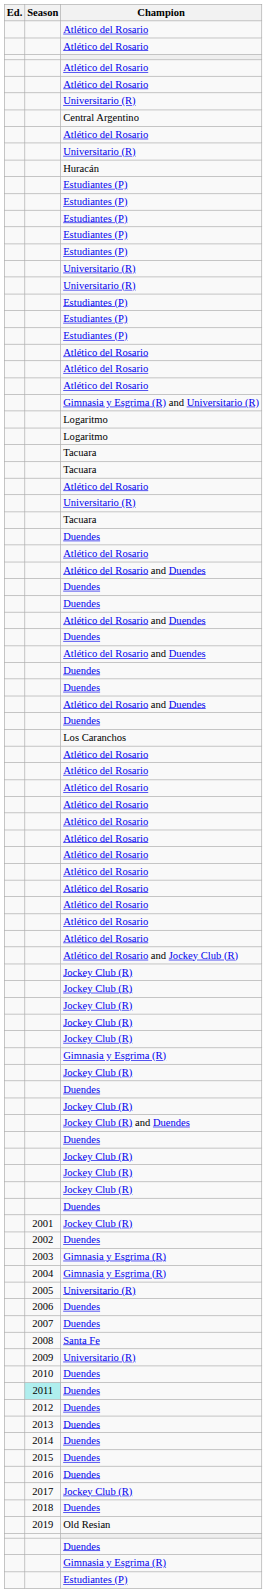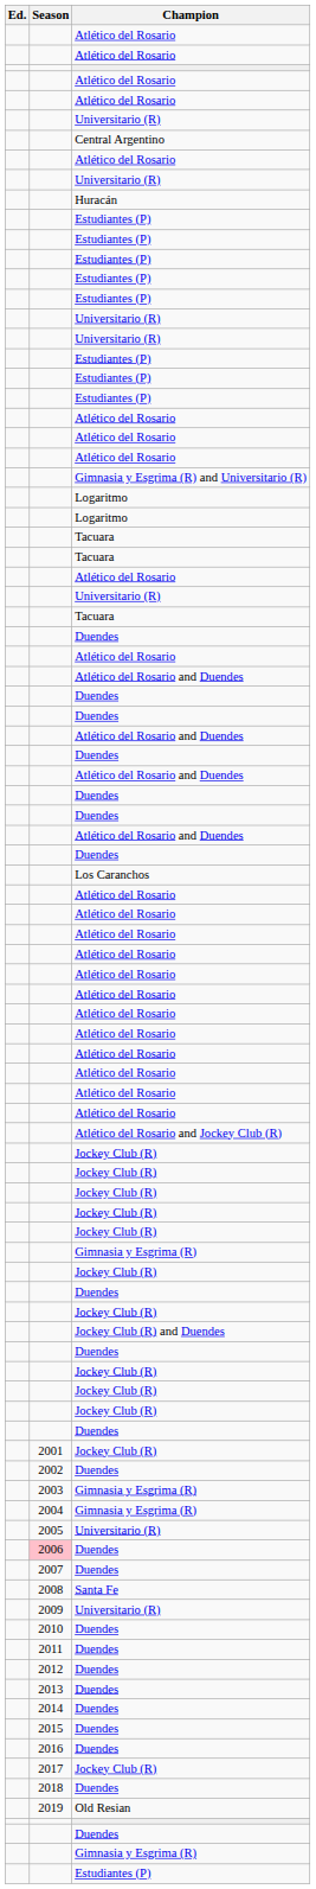 <table class="wikitable sortable" style="align= ">
 <tr>
 <th>Ed.</th>
 <th>Season</th>
 <th>Champion</th>
 </tr>
 <tr>
 <td></td>
 <td></td>
 <td><a href='#'>Atlético del Rosario</a> </td>
 </tr>
 <tr>
 <td></td>
 <td></td>
 <td><a href='#'>Atlético del Rosario</a> </td>
 </tr>
 <tr>
 <td></td>
 <td></td>
 <td style=background:#efefef></td>
 </tr>
 <tr>
 <td></td>
 <td></td>
 <td><a href='#'>Atlético del Rosario</a> </td>
 </tr>
 <tr>
 <td></td>
 <td></td>
 <td><a href='#'>Atlético del Rosario</a> </td>
 </tr>
 <tr>
 <td></td>
 <td></td>
 <td><a href='#'>Universitario (R)</a> </td>
 </tr>
 <tr>
 <td></td>
 <td></td>
 <td>Central Argentino </td>
 </tr>
 <tr>
 <td></td>
 <td></td>
 <td><a href='#'>Atlético del Rosario</a> </td>
 </tr>
 <tr>
 <td></td>
 <td></td>
 <td><a href='#'>Universitario (R)</a> </td>
 </tr>
 <tr>
 <td></td>
 <td></td>
 <td>Huracán </td>
 </tr>
 <tr>
 <td></td>
 <td></td>
 <td><a href='#'>Estudiantes (P)</a> </td>
 </tr>
 <tr>
 <td></td>
 <td></td>
 <td><a href='#'>Estudiantes (P)</a> </td>
 </tr>
 <tr>
 <td></td>
 <td></td>
 <td><a href='#'>Estudiantes (P)</a> </td>
 </tr>
 <tr>
 <td></td>
 <td></td>
 <td><a href='#'>Estudiantes (P)</a> </td>
 </tr>
 <tr>
 <td></td>
 <td></td>
 <td><a href='#'>Estudiantes (P)</a> </td>
 </tr>
 <tr>
 <td></td>
 <td></td>
 <td><a href='#'>Universitario (R)</a> </td>
 </tr>
 <tr>
 <td></td>
 <td></td>
 <td><a href='#'>Universitario (R)</a> </td>
 </tr>
 <tr>
 <td></td>
 <td></td>
 <td><a href='#'>Estudiantes (P)</a> </td>
 </tr>
 <tr>
 <td></td>
 <td></td>
 <td><a href='#'>Estudiantes (P)</a> </td>
 </tr>
 <tr>
 <td></td>
 <td></td>
 <td><a href='#'>Estudiantes (P)</a> </td>
 </tr>
 <tr>
 <td></td>
 <td></td>
 <td><a href='#'>Atlético del Rosario</a> </td>
 </tr>
 <tr>
 <td></td>
 <td></td>
 <td><a href='#'>Atlético del Rosario</a> </td>
 </tr>
 <tr>
 <td></td>
 <td></td>
 <td><a href='#'>Atlético del Rosario</a> </td>
 </tr>
 <tr>
 <td></td>
 <td></td>
 <td><a href='#'>Gimnasia y Esgrima (R)</a>  and <a href='#'>Universitario (R)</a> </td>
 </tr>
 <tr>
 <td></td>
 <td></td>
 <td>Logaritmo </td>
 </tr>
 <tr>
 <td></td>
 <td></td>
 <td>Logaritmo </td>
 </tr>
 <tr>
 <td></td>
 <td></td>
 <td>Tacuara </td>
 </tr>
 <tr>
 <td></td>
 <td></td>
 <td>Tacuara </td>
 </tr>
 <tr>
 <td></td>
 <td></td>
 <td><a href='#'>Atlético del Rosario</a> </td>
 </tr>
 <tr>
 <td></td>
 <td></td>
 <td><a href='#'>Universitario (R)</a> </td>
 </tr>
 <tr>
 <td></td>
 <td></td>
 <td>Tacuara </td>
 </tr>
 <tr>
 <td></td>
 <td></td>
 <td><a href='#'>Duendes</a> </td>
 </tr>
 <tr>
 <td></td>
 <td></td>
 <td><a href='#'>Atlético del Rosario</a> </td>
 </tr>
 <tr>
 <td></td>
 <td></td>
 <td><a href='#'>Atlético del Rosario</a>  and <a href='#'>Duendes</a> </td>
 </tr>
 <tr>
 <td></td>
 <td></td>
 <td><a href='#'>Duendes</a> </td>
 </tr>
 <tr>
 <td></td>
 <td></td>
 <td><a href='#'>Duendes</a> </td>
 </tr>
 <tr>
 <td></td>
 <td></td>
 <td><a href='#'>Atlético del Rosario</a>  and <a href='#'>Duendes</a> </td>
 </tr>
 <tr>
 <td></td>
 <td></td>
 <td><a href='#'>Duendes</a> </td>
 </tr>
 <tr>
 <td></td>
 <td></td>
 <td><a href='#'>Atlético del Rosario</a>  and <a href='#'>Duendes</a> </td>
 </tr>
 <tr>
 <td></td>
 <td></td>
 <td><a href='#'>Duendes</a> </td>
 </tr>
 <tr>
 <td></td>
 <td></td>
 <td><a href='#'>Duendes</a> </td>
 </tr>
 <tr>
 <td></td>
 <td></td>
 <td><a href='#'>Atlético del Rosario</a>  and <a href='#'>Duendes</a> </td>
 </tr>
 <tr>
 <td></td>
 <td></td>
 <td><a href='#'>Duendes</a> </td>
 </tr>
 <tr>
 <td></td>
 <td></td>
 <td>Los Caranchos </td>
 </tr>
 <tr>
 <td></td>
 <td></td>
 <td><a href='#'>Atlético del Rosario</a> </td>
 </tr>
 <tr>
 <td></td>
 <td></td>
 <td><a href='#'>Atlético del Rosario</a> </td>
 </tr>
 <tr>
 <td></td>
 <td></td>
 <td><a href='#'>Atlético del Rosario</a> </td>
 </tr>
 <tr>
 <td></td>
 <td></td>
 <td><a href='#'>Atlético del Rosario</a> </td>
 </tr>
 <tr>
 <td></td>
 <td></td>
 <td><a href='#'>Atlético del Rosario</a> </td>
 </tr>
 <tr>
 <td></td>
 <td></td>
 <td><a href='#'>Atlético del Rosario</a> </td>
 </tr>
 <tr>
 <td></td>
 <td></td>
 <td><a href='#'>Atlético del Rosario</a> </td>
 </tr>
 <tr>
 <td></td>
 <td></td>
 <td><a href='#'>Atlético del Rosario</a> </td>
 </tr>
 <tr>
 <td></td>
 <td></td>
 <td><a href='#'>Atlético del Rosario</a> </td>
 </tr>
 <tr>
 <td></td>
 <td></td>
 <td><a href='#'>Atlético del Rosario</a> </td>
 </tr>
 <tr>
 <td></td>
 <td></td>
 <td><a href='#'>Atlético del Rosario</a> </td>
 </tr>
 <tr>
 <td></td>
 <td></td>
 <td><a href='#'>Atlético del Rosario</a> </td>
 </tr>
 <tr>
 <td></td>
 <td></td>
 <td><a href='#'>Atlético del Rosario</a>  and <a href='#'>Jockey Club (R)</a> </td>
 </tr>
 <tr>
 <td></td>
 <td></td>
 <td><a href='#'>Jockey Club (R)</a> </td>
 </tr>
 <tr>
 <td></td>
 <td></td>
 <td><a href='#'>Jockey Club (R)</a> </td>
 </tr>
 <tr>
 <td></td>
 <td></td>
 <td><a href='#'>Jockey Club (R)</a> </td>
 </tr>
 <tr>
 <td></td>
 <td></td>
 <td><a href='#'>Jockey Club (R)</a> </td>
 </tr>
 <tr>
 <td></td>
 <td></td>
 <td><a href='#'>Jockey Club (R)</a> </td>
 </tr>
 <tr>
 <td></td>
 <td></td>
 <td><a href='#'>Gimnasia y Esgrima (R)</a> </td>
 </tr>
 <tr>
 <td></td>
 <td></td>
 <td><a href='#'>Jockey Club (R)</a> </td>
 </tr>
 <tr>
 <td></td>
 <td></td>
 <td><a href='#'>Duendes</a> </td>
 </tr>
 <tr>
 <td></td>
 <td></td>
 <td><a href='#'>Jockey Club (R)</a> </td>
 </tr>
 <tr>
 <td></td>
 <td></td>
 <td><a href='#'>Jockey Club (R)</a>  and <a href='#'>Duendes</a> </td>
 </tr>
 <tr>
 <td></td>
 <td></td>
 <td><a href='#'>Duendes</a> </td>
 </tr>
 <tr>
 <td></td>
 <td></td>
 <td><a href='#'>Jockey Club (R)</a> </td>
 </tr>
 <tr>
 <td></td>
 <td></td>
 <td><a href='#'>Jockey Club (R)</a> </td>
 </tr>
 <tr>
 <td></td>
 <td></td>
 <td><a href='#'>Jockey Club (R)</a> </td>
 </tr>
 <tr>
 <td></td>
 <td></td>
 <td><a href='#'>Duendes</a> </td>
 </tr>
 <tr>
 <td></td>
 <td align="center">2001</td>
 <td><a href='#'>Jockey Club (R)</a> </td>
 </tr>
 <tr>
 <td></td>
 <td align="center">2002</td>
 <td><a href='#'>Duendes</a> </td>
 </tr>
 <tr>
 <td></td>
 <td align="center">2003</td>
 <td><a href='#'>Gimnasia y Esgrima (R)</a> </td>
 </tr>
 <tr>
 <td></td>
 <td align="center">2004</td>
 <td><a href='#'>Gimnasia y Esgrima (R)</a> </td>
 </tr>
 <tr>
 <td></td>
 <td align="center">2005</td>
 <td><a href='#'>Universitario (R)</a> </td>
 </tr>
 <tr>
 <td></td>
-<td align="center">2006</td>
+<td align="center" style="background: pink;">2006</td>
 <td><a href='#'>Duendes</a> </td>
 </tr>
 <tr>
 <td></td>
 <td align="center">2007</td>
 <td><a href='#'>Duendes</a> </td>
 </tr>
 <tr>
 <td></td>
 <td align="center">2008</td>
 <td><a href='#'>Santa Fe</a> </td>
 </tr>
 <tr>
 <td></td>
 <td align="center">2009</td>
 <td><a href='#'>Universitario (R)</a> </td>
 </tr>
 <tr>
 <td></td>
 <td align="center">2010</td>
 <td><a href='#'>Duendes</a> </td>
 </tr>
 <tr>
 <td></td>
-<td align="center" style="background: paleturquoise;">2011</td>
+<td align="center">2011</td>
 <td><a href='#'>Duendes</a> </td>
 </tr>
 <tr>
 <td></td>
 <td align="center">2012</td>
 <td><a href='#'>Duendes</a> </td>
 </tr>
 <tr>
 <td></td>
 <td align="center">2013</td>
 <td><a href='#'>Duendes</a> </td>
 </tr>
 <tr>
 <td></td>
 <td align="center">2014</td>
 <td><a href='#'>Duendes</a> </td>
 </tr>
 <tr>
 <td></td>
 <td align="center">2015</td>
 <td><a href='#'>Duendes</a> </td>
 </tr>
 <tr>
 <td></td>
 <td align="center">2016</td>
 <td><a href='#'>Duendes</a> </td>
 </tr>
 <tr>
 <td></td>
 <td align="center">2017</td>
 <td><a href='#'>Jockey Club (R)</a> </td>
 </tr>
 <tr>
 <td></td>
 <td align="center">2018</td>
 <td><a href='#'>Duendes</a> </td>
 </tr>
 <tr>
 <td></td>
 <td align="center">2019</td>
 <td>Old Resian </td>
 </tr>
 <tr>
 <td></td>
 <td></td>
 <td style=background:#efefef></td>
 </tr>
 <tr>
 <td></td>
 <td></td>
 <td><a href='#'>Duendes</a> </td>
 </tr>
 <tr>
 <td></td>
 <td></td>
 <td><a href='#'>Gimnasia y Esgrima (R)</a> </td>
 </tr>
 <tr>
 <td></td>
 <td></td>
 <td><a href='#'>Estudiantes (P)</a> </td>
 </tr>
 </table>
